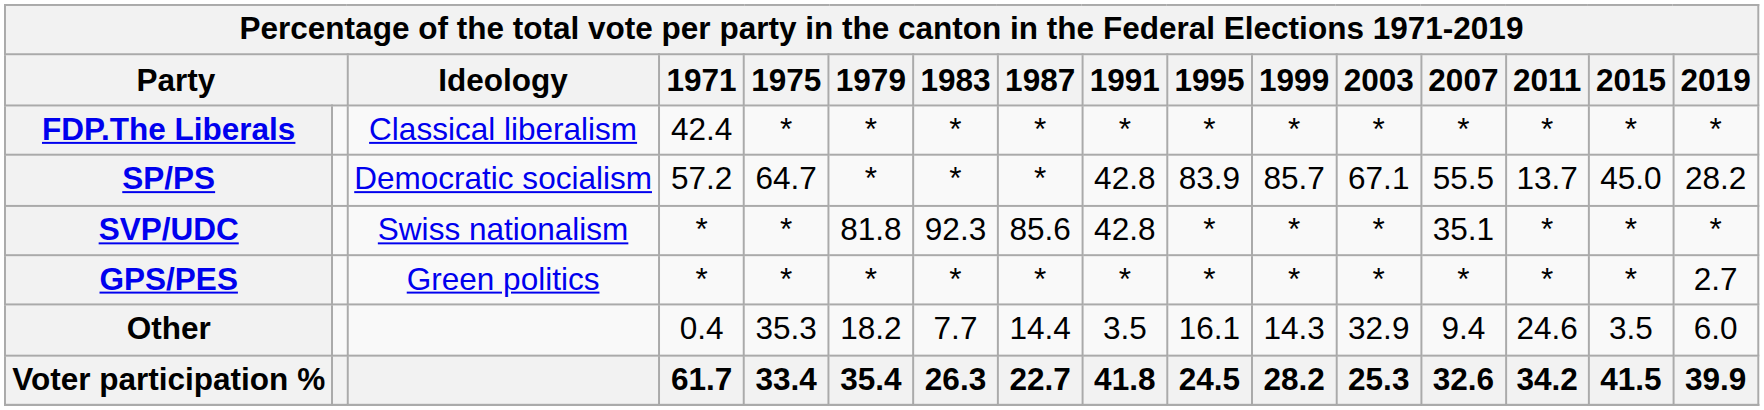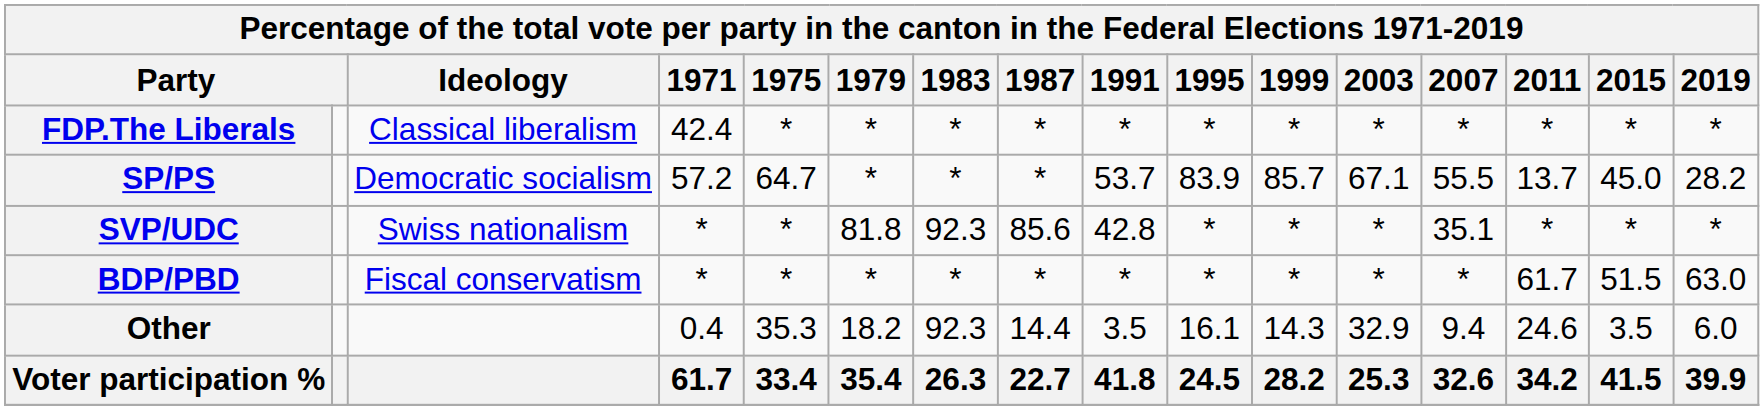 <table class="wikitable sortable" style ="text-align: center">
 <tr>
 <th colspan="16">Percentage of the total vote per party in the canton in the Federal Elections 1971-2019</th>
 </tr>
 <tr>
 <th colspan="2">Party</th>
 <th class="unsortable">Ideology</th>
 <th>1971</th>
 <th>1975</th>
 <th>1979</th>
 <th>1983</th>
 <th>1987</th>
 <th>1991</th>
 <th>1995</th>
 <th>1999</th>
 <th>2003</th>
 <th>2007</th>
 <th>2011</th>
 <th>2015</th>
 <th>2019</th>
 </tr>
 <tr>
 <th><a href='#'>FDP.The Liberals</a></th>
 <td style="color:inherit;background:"></td>
 <td><a href='#'>Classical liberalism</a></td>
 <td>42.4</td>
 <td>* </td>
 <td>*</td>
 <td>*</td>
 <td>*</td>
 <td>*</td>
 <td>*</td>
 <td>*</td>
 <td>*</td>
 <td>*</td>
 <td>*</td>
 <td>*</td>
 <td>*</td>
 </tr>
 <tr>
 <th><a href='#'>SP/PS</a></th>
 <td style="color:inherit;background:"></td>
 <td><a href='#'>Democratic socialism</a></td>
 <td>57.2</td>
 <td>64.7</td>
 <td>*</td>
 <td>*</td>
 <td>*</td>
-<td>42.8</td>
+<td>53.7</td>
 <td>83.9</td>
 <td>85.7</td>
 <td>67.1</td>
 <td>55.5</td>
 <td>13.7</td>
 <td>45.0</td>
 <td>28.2</td>
 </tr>
 <tr>
 <th><a href='#'>SVP/UDC</a></th>
 <td style="color:inherit;background:"></td>
 <td><a href='#'>Swiss nationalism</a></td>
 <td>*</td>
 <td>*</td>
 <td>81.8</td>
 <td>92.3</td>
 <td>85.6</td>
 <td>42.8</td>
 <td>*</td>
 <td>*</td>
 <td>*</td>
 <td>35.1</td>
 <td>*</td>
 <td>*</td>
 <td>*</td>
 </tr>
 <tr>
-<th><a href='#'>GPS/PES</a></th>
+<th><a href='#'>BDP/PBD</a></th>
 <td style="color:inherit;background:"></td>
-<td><a href='#'>Green politics</a></td>
+<td><a href='#'>Fiscal conservatism</a></td>
 <td>*</td>
 <td>*</td>
 <td>*</td>
 <td>*</td>
 <td>*</td>
 <td>*</td>
 <td>*</td>
 <td>*</td>
 <td>*</td>
 <td>*</td>
-<td>*</td>
-<td>*</td>
-<td>2.7</td>
+<td>61.7</td>
+<td>51.5</td>
+<td>63.0</td>
 </tr>
 <tr>
 <th>Other</th>
 <td></td>
 <td></td>
 <td>0.4</td>
 <td>35.3</td>
 <td>18.2</td>
-<td>7.7</td>
+<td>92.3</td>
 <td>14.4</td>
 <td>3.5</td>
 <td>16.1</td>
 <td>14.3</td>
 <td>32.9</td>
 <td>9.4</td>
 <td>24.6</td>
 <td>3.5</td>
 <td>6.0</td>
 </tr>
 <tr>
 <th>Voter participation %</th>
 <th></th>
 <th></th>
 <th>61.7</th>
 <th>33.4</th>
 <th>35.4</th>
 <th>26.3</th>
 <th>22.7</th>
 <th>41.8</th>
 <th>24.5</th>
 <th>28.2</th>
 <th>25.3</th>
 <th>32.6</th>
 <th>34.2</th>
 <th>41.5</th>
 <th>39.9</th>
 </tr>
 <tr>
 </tr>
 </table>
